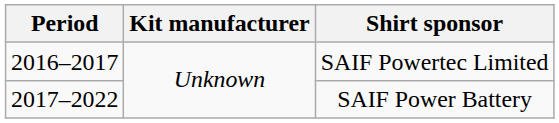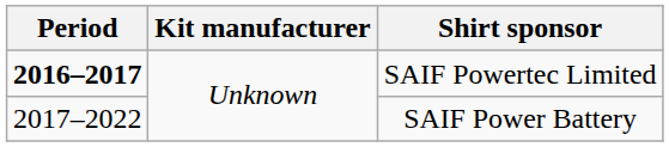 <table class="wikitable" style="text-align:center;margin-left:1em;float:center">
 <tr>
 <th>Period</th>
 <th>Kit manufacturer</th>
 <th>Shirt sponsor</th>
 </tr>
 <tr>
-<td>2016–2017</td>
+<td><strong>2016–2017</strong></td>
 <td rowspan=2><em>Unknown</em></td>
 <td>SAIF Powertec Limited</td>
 </tr>
 <tr>
 <td>2017–2022</td>
 <td>SAIF Power Battery</td>
 </tr>
 </table>
